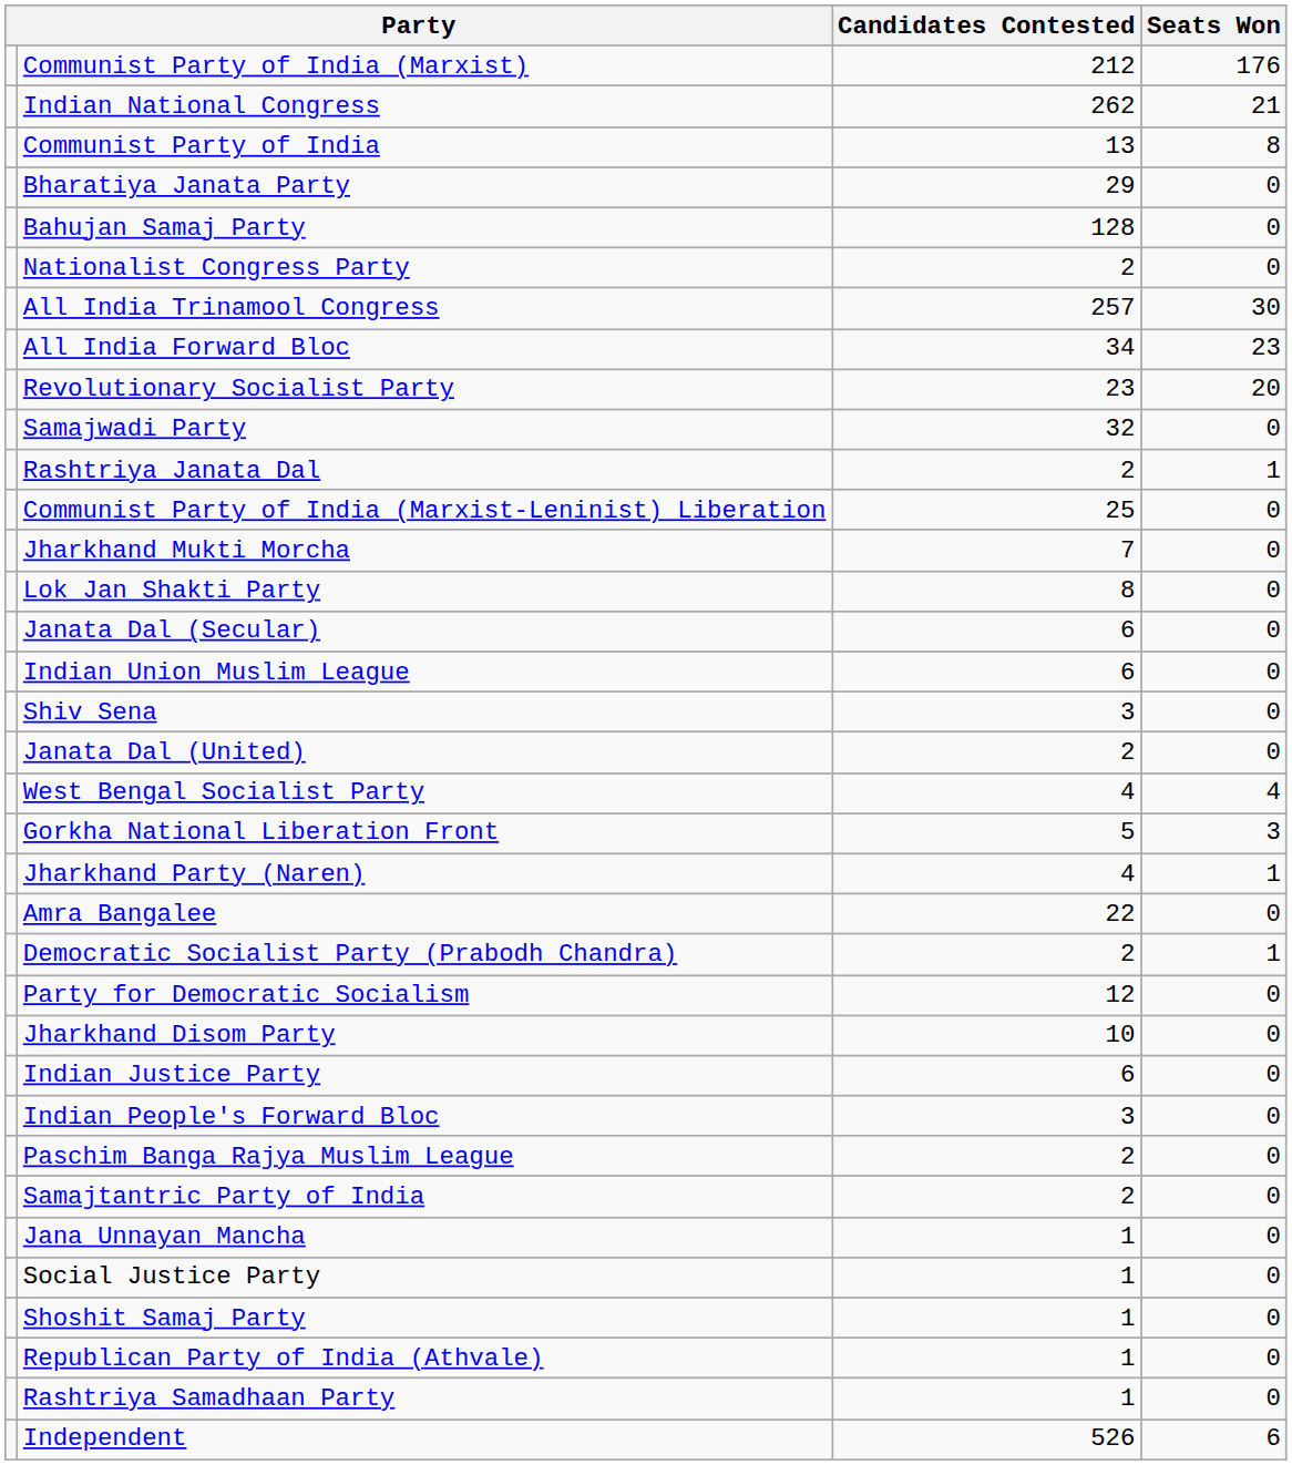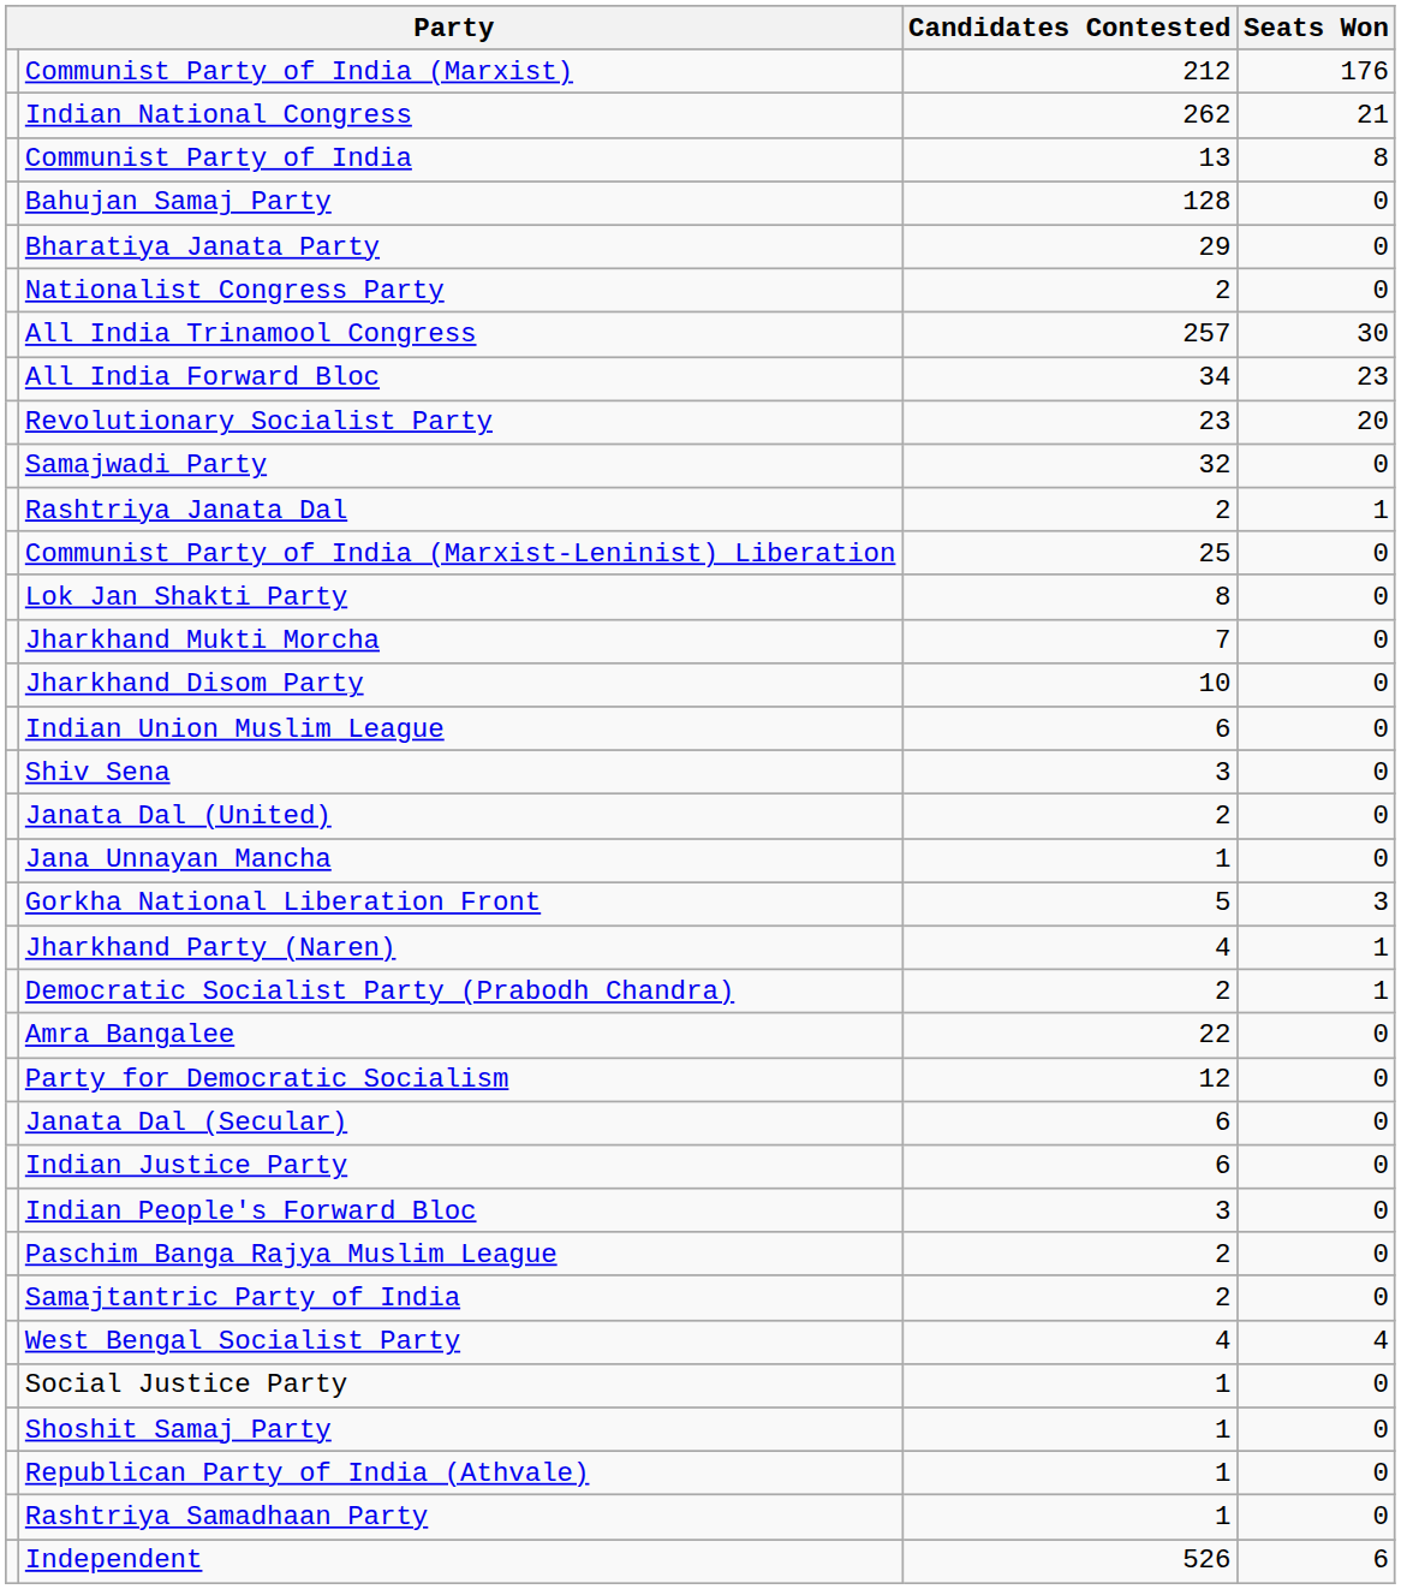 <table class=wikitable>
 <tr>
 <th colspan="2">Party</th>
 <th>Candidates Contested</th>
 <th>Seats Won </th>
 </tr>
 <tr>
 <td style="background-color: "></td>
 <td><a href='#'>Communist Party of India (Marxist)</a></td>
 <td style="text-align:right;">212</td>
 <td style="text-align:right;">176</td>
 </tr>
 <tr>
 <td style="background-color: "></td>
 <td><a href='#'>Indian National Congress</a></td>
 <td style="text-align:right;">262</td>
 <td style="text-align:right;">21</td>
 </tr>
 <tr>
 <td style="background-color: "></td>
 <td><a href='#'>Communist Party of India</a></td>
 <td style="text-align:right;">13</td>
 <td style="text-align:right;">8</td>
 </tr>
 <tr>
 <td style="background-color: "></td>
-<td><a href='#'>Bharatiya Janata Party</a></td>
-<td style="text-align:right;">29</td>
+<td><a href='#'>Bahujan Samaj Party</a></td>
+<td style="text-align:right;">128</td>
 <td style="text-align:right;">0</td>
 </tr>
 <tr>
 <td style="background-color: "></td>
-<td><a href='#'>Bahujan Samaj Party</a></td>
-<td style="text-align:right;">128</td>
+<td><a href='#'>Bharatiya Janata Party</a></td>
+<td style="text-align:right;">29</td>
 <td style="text-align:right;">0</td>
 </tr>
 <tr>
 <td style="background-color: "></td>
 <td><a href='#'>Nationalist Congress Party</a></td>
 <td style="text-align:right;">2</td>
 <td style="text-align:right;">0</td>
 </tr>
 <tr>
 <td style="background-color: "></td>
 <td><a href='#'>All India Trinamool Congress</a></td>
 <td style="text-align:right;">257</td>
 <td style="text-align:right;">30</td>
 </tr>
 <tr>
 <td style="background-color: "></td>
 <td><a href='#'>All India Forward Bloc</a></td>
 <td style="text-align:right;">34</td>
 <td style="text-align:right;">23</td>
 </tr>
 <tr>
 <td style="background-color: "></td>
 <td><a href='#'>Revolutionary Socialist Party</a></td>
 <td style="text-align:right;">23</td>
 <td style="text-align:right;">20</td>
 </tr>
 <tr>
 <td style="background-color: "></td>
 <td><a href='#'>Samajwadi Party</a></td>
 <td style="text-align:right;">32</td>
 <td style="text-align:right;">0</td>
 </tr>
 <tr>
 <td style="background-color: "></td>
 <td><a href='#'>Rashtriya Janata Dal</a></td>
 <td style="text-align:right;">2</td>
 <td style="text-align:right;">1</td>
 </tr>
 <tr>
 <td style="background-color: "></td>
 <td><a href='#'>Communist Party of India (Marxist-Leninist) Liberation</a></td>
 <td style="text-align:right;">25</td>
 <td style="text-align:right;">0</td>
 </tr>
 <tr>
 <td style="background-color: "></td>
-<td><a href='#'>Jharkhand Mukti Morcha</a></td>
-<td style="text-align:right;">7</td>
-<td style="text-align:right;">0</td>
-</tr>
-<tr>
-<td style="background-color: "></td>
 <td><a href='#'>Lok Jan Shakti Party</a></td>
 <td style="text-align:right;">8</td>
 <td style="text-align:right;">0</td>
 </tr>
 <tr>
 <td style="background-color: "></td>
-<td><a href='#'>Janata Dal (Secular)</a></td>
-<td style="text-align:right;">6</td>
+<td><a href='#'>Jharkhand Mukti Morcha</a></td>
+<td style="text-align:right;">7</td>
+<td style="text-align:right;">0</td>
+</tr>
+<tr>
+<td></td>
+<td><a href='#'>Jharkhand Disom Party</a></td>
+<td style="text-align:right;">10</td>
 <td style="text-align:right;">0</td>
 </tr>
 <tr>
 <td style="background-color: "></td>
 <td><a href='#'>Indian Union Muslim League</a></td>
 <td style="text-align:right;">6</td>
 <td style="text-align:right;">0</td>
 </tr>
 <tr>
 <td style="background-color: "></td>
 <td><a href='#'>Shiv Sena</a></td>
 <td style="text-align:right;">3</td>
 <td style="text-align:right;">0</td>
 </tr>
 <tr>
 <td style="background-color: "></td>
 <td><a href='#'>Janata Dal (United)</a></td>
 <td style="text-align:right;">2</td>
 <td style="text-align:right;">0</td>
 </tr>
 <tr>
-<td style="background-color: "></td>
-<td><a href='#'>West Bengal Socialist Party</a></td>
-<td style="text-align:right;">4</td>
-<td style="text-align:right;">4</td>
+<td></td>
+<td><a href='#'>Jana Unnayan Mancha</a></td>
+<td style="text-align:right;">1</td>
+<td style="text-align:right;">0</td>
 </tr>
 <tr>
 <td style="background-color: "></td>
 <td><a href='#'>Gorkha National Liberation Front</a></td>
 <td style="text-align:right;">5</td>
 <td style="text-align:right;">3</td>
 </tr>
 <tr>
 <td></td>
 <td><a href='#'>Jharkhand Party (Naren)</a></td>
 <td style="text-align:right;">4</td>
 <td style="text-align:right;">1</td>
 </tr>
 <tr>
 <td></td>
+<td><a href='#'>Democratic Socialist Party (Prabodh Chandra)</a></td>
+<td style="text-align:right;">2</td>
+<td style="text-align:right;">1</td>
+</tr>
+<tr>
+<td></td>
 <td><a href='#'>Amra Bangalee</a></td>
 <td style="text-align:right;">22</td>
 <td style="text-align:right;">0</td>
-</tr>
-<tr>
-<td></td>
-<td><a href='#'>Democratic Socialist Party (Prabodh Chandra)</a></td>
-<td style="text-align:right;">2</td>
-<td style="text-align:right;">1</td>
 </tr>
 <tr>
 <td></td>
 <td><a href='#'>Party for Democratic Socialism</a></td>
 <td style="text-align:right;">12</td>
 <td style="text-align:right;">0</td>
 </tr>
 <tr>
-<td></td>
-<td><a href='#'>Jharkhand Disom Party</a></td>
-<td style="text-align:right;">10</td>
+<td style="background-color: "></td>
+<td><a href='#'>Janata Dal (Secular)</a></td>
+<td style="text-align:right;">6</td>
 <td style="text-align:right;">0</td>
 </tr>
 <tr>
 <td></td>
 <td><a href='#'>Indian Justice Party</a></td>
 <td style="text-align:right;">6</td>
 <td style="text-align:right;">0</td>
 </tr>
 <tr>
 <td></td>
 <td><a href='#'>Indian People's Forward Bloc</a></td>
 <td style="text-align:right;">3</td>
 <td style="text-align:right;">0</td>
 </tr>
 <tr>
 <td></td>
 <td><a href='#'>Paschim Banga Rajya Muslim League</a></td>
 <td style="text-align:right;">2</td>
 <td style="text-align:right;">0</td>
 </tr>
 <tr>
 <td></td>
 <td><a href='#'>Samajtantric Party of India</a></td>
 <td style="text-align:right;">2</td>
 <td style="text-align:right;">0</td>
 </tr>
 <tr>
-<td></td>
-<td><a href='#'>Jana Unnayan Mancha</a></td>
-<td style="text-align:right;">1</td>
-<td style="text-align:right;">0</td>
+<td style="background-color: "></td>
+<td><a href='#'>West Bengal Socialist Party</a></td>
+<td style="text-align:right;">4</td>
+<td style="text-align:right;">4</td>
 </tr>
 <tr>
 <td></td>
 <td>Social Justice Party</td>
 <td style="text-align:right;">1</td>
 <td style="text-align:right;">0</td>
 </tr>
 <tr>
 <td></td>
 <td><a href='#'>Shoshit Samaj Party</a></td>
 <td style="text-align:right;">1</td>
 <td style="text-align:right;">0</td>
 </tr>
 <tr>
 <td></td>
 <td><a href='#'>Republican Party of India (Athvale)</a></td>
 <td style="text-align:right;">1</td>
 <td style="text-align:right;">0</td>
 </tr>
 <tr>
 <td></td>
 <td><a href='#'>Rashtriya Samadhaan Party</a></td>
 <td style="text-align:right;">1</td>
 <td style="text-align:right;">0</td>
 </tr>
 <tr>
 <td></td>
 <td><a href='#'>Independent</a></td>
 <td style="text-align:right;">526</td>
 <td style="text-align:right;">6</td>
 </tr>
 </table>
